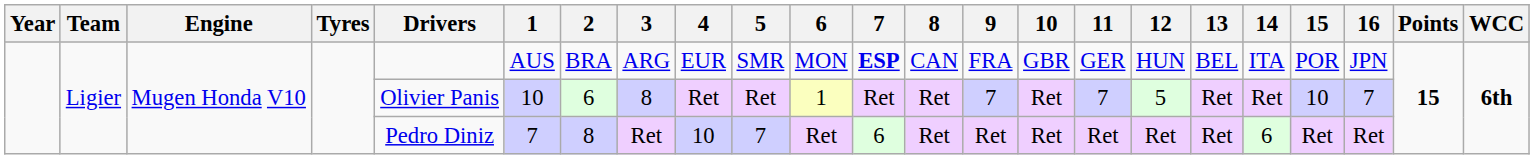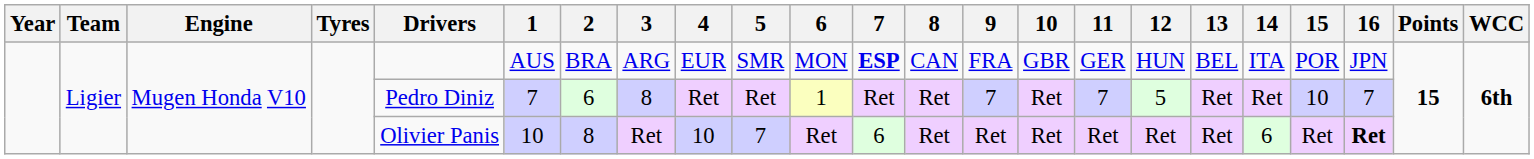 <table class="wikitable" style="text-align:center; font-size:95%">
 <tr>
 <th>Year</th>
 <th>Team</th>
 <th>Engine</th>
 <th>Tyres</th>
 <th>Drivers</th>
 <th>1</th>
 <th>2</th>
 <th>3</th>
 <th>4</th>
 <th>5</th>
 <th>6</th>
 <th>7</th>
 <th>8</th>
 <th>9</th>
 <th>10</th>
 <th>11</th>
 <th>12</th>
 <th>13</th>
 <th>14</th>
 <th>15</th>
 <th>16</th>
 <th>Points</th>
 <th>WCC</th>
 </tr>
 <tr>
 <td rowspan="3"></td>
 <td rowspan="3"><a href='#'>Ligier</a></td>
 <td rowspan="3"><a href='#'>Mugen Honda</a> <a href='#'>V10</a></td>
 <td rowspan="3"></td>
 <td></td>
 <td><a href='#'>AUS</a></td>
 <td><a href='#'>BRA</a></td>
 <td><a href='#'>ARG</a></td>
 <td><a href='#'>EUR</a></td>
 <td><a href='#'>SMR</a></td>
 <td><a href='#'>MON</a></td>
 <td><strong><a href='#'>ESP</a></strong></td>
 <td><a href='#'>CAN</a></td>
 <td><a href='#'>FRA</a></td>
 <td><a href='#'>GBR</a></td>
 <td><a href='#'>GER</a></td>
 <td><a href='#'>HUN</a></td>
 <td><a href='#'>BEL</a></td>
 <td><a href='#'>ITA</a></td>
 <td><a href='#'>POR</a></td>
 <td><a href='#'>JPN</a></td>
 <td rowspan="3"><strong>15</strong></td>
 <td rowspan="3"><strong>6th</strong></td>
 </tr>
 <tr>
-<td><a href='#'>Olivier Panis</a></td>
-<td style="background:#CFCFFF;">10</td>
+<td><a href='#'>Pedro Diniz</a></td>
+<td style="background:#CFCFFF;">7</td>
 <td style="background:#DFFFDF;">6</td>
 <td style="background:#CFCFFF;">8</td>
 <td style="background:#EFCFFF;">Ret</td>
 <td style="background:#EFCFFF;">Ret</td>
 <td style="background:#FBFFBF;">1</td>
 <td style="background:#EFCFFF;">Ret</td>
 <td style="background:#EFCFFF;">Ret</td>
 <td style="background:#CFCFFF;">7</td>
 <td style="background:#EFCFFF;">Ret</td>
 <td style="background:#CFCFFF;">7</td>
 <td style="background:#DFFFDF;">5</td>
 <td style="background:#EFCFFF;">Ret</td>
 <td style="background:#EFCFFF;">Ret</td>
 <td style="background:#CFCFFF;">10</td>
 <td style="background:#CFCFFF;">7</td>
 </tr>
 <tr>
-<td><a href='#'>Pedro Diniz</a></td>
-<td style="background:#CFCFFF;">7</td>
+<td><a href='#'>Olivier Panis</a></td>
+<td style="background:#CFCFFF;">10</td>
 <td style="background:#CFCFFF;">8</td>
 <td style="background:#EFCFFF;">Ret</td>
 <td style="background:#CFCFFF;">10</td>
 <td style="background:#CFCFFF;">7</td>
 <td style="background:#EFCFFF;">Ret</td>
 <td style="background:#DFFFDF;">6</td>
 <td style="background:#EFCFFF;">Ret</td>
 <td style="background:#EFCFFF;">Ret</td>
 <td style="background:#EFCFFF;">Ret</td>
 <td style="background:#EFCFFF;">Ret</td>
 <td style="background:#EFCFFF;">Ret</td>
 <td style="background:#EFCFFF;">Ret</td>
 <td style="background:#DFFFDF;">6</td>
 <td style="background:#EFCFFF;">Ret</td>
-<td style="background:#EFCFFF;">Ret</td>
+<td style="background:#EFCFFF;"><strong>Ret</strong></td>
 </tr>
 </table>
